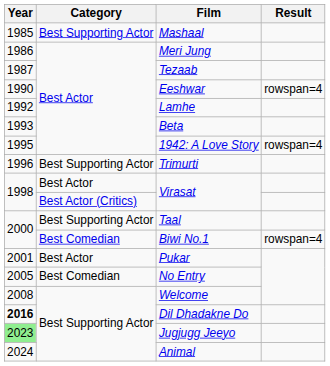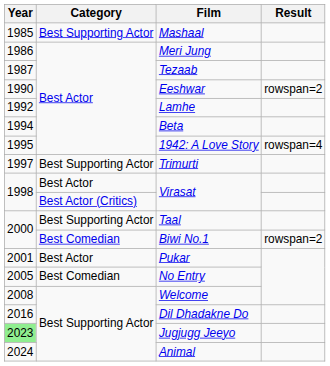 <table class="wikitable sortable">
 <tr>
 <th>Year</th>
 <th>Category</th>
 <th>Film</th>
 <th>Result</th>
 </tr>
 <tr>
 <td>1985</td>
 <td><a href='#'>Best Supporting Actor</a></td>
 <td><em><a href='#'>Mashaal</a></em></td>
 <td></td>
 </tr>
 <tr>
 <td>1986</td>
 <td rowspan="6"><a href='#'>Best Actor</a></td>
 <td><em><a href='#'>Meri Jung</a></em></td>
 <td></td>
 </tr>
 <tr>
 <td>1987</td>
 <td><em><a href='#'>Tezaab</a></em></td>
 <td></td>
 </tr>
 <tr>
 <td>1990</td>
 <td><em><a href='#'>Eeshwar</a></em></td>
-<td>rowspan=4 </td>
+<td>rowspan=2 </td>
 </tr>
 <tr>
 <td>1992</td>
 <td><em><a href='#'>Lamhe</a></em></td>
 </tr>
 <tr>
-<td>1993</td>
+<td>1994</td>
 <td><em><a href='#'>Beta</a></em></td>
 <td></td>
 </tr>
 <tr>
 <td>1995</td>
 <td><em><a href='#'>1942: A Love Story</a></em></td>
 <td>rowspan=4 </td>
 </tr>
 <tr>
-<td>1996</td>
+<td>1997</td>
 <td>Best Supporting Actor</td>
 <td><em><a href='#'>Trimurti</a></em></td>
 </tr>
 <tr>
 <td rowspan="2">1998</td>
 <td>Best Actor</td>
 <td rowspan="2"><em><a href='#'>Virasat</a></em></td>
 <td></td>
 </tr>
 <tr>
 <td><a href='#'>Best Actor (Critics)</a></td>
 <td></td>
 </tr>
 <tr>
 <td rowspan="2">2000</td>
 <td>Best Supporting Actor</td>
 <td><em><a href='#'>Taal</a></em></td>
 <td></td>
 </tr>
 <tr>
 <td><a href='#'>Best Comedian</a></td>
 <td><em><a href='#'>Biwi No.1</a></em></td>
-<td>rowspan=4 </td>
+<td>rowspan=2 </td>
 </tr>
 <tr>
 <td>2001</td>
 <td>Best Actor</td>
 <td><em><a href='#'>Pukar</a></em></td>
 </tr>
 <tr>
 <td>2005</td>
 <td>Best Comedian</td>
 <td><em><a href='#'>No Entry</a></em></td>
 </tr>
 <tr>
 <td>2008</td>
 <td rowspan="4">Best Supporting Actor</td>
 <td><em><a href='#'>Welcome</a></em></td>
 </tr>
 <tr>
-<td><strong>2016</strong></td>
+<td>2016</td>
 <td><em><a href='#'>Dil Dhadakne Do</a></em></td>
 <td></td>
 </tr>
 <tr>
 <td style="background: lightgreen;">2023</td>
 <td><em><a href='#'>Jugjugg Jeeyo</a></em></td>
 <td></td>
 </tr>
 <tr>
 <td>2024</td>
 <td><a href='#'><em>Animal</em></a></td>
 <td></td>
 </tr>
 </table>
